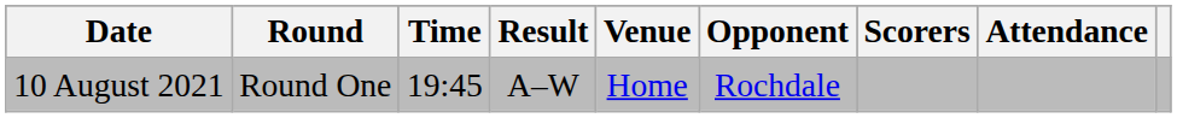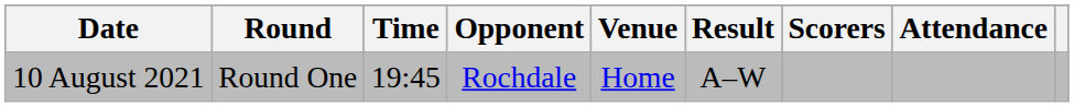 <table class="wikitable sortable" style="text-align:center">
 <tr>
 <th>Date</th>
 <th>Round</th>
 <th>Time</th>
+<th>Opponent</th>
+<th>Venue</th>
 <th>Result</th>
-<th>Venue</th>
-<th>Opponent</th>
 <th class="unsortable">Scorers</th>
 <th>Attendance</th>
 <th class="unsortable"></th>
 </tr>
 <tr bgcolor="#BBBBBB">
 <td>10 August 2021</td>
 <td>Round One</td>
 <td>19:45</td>
+<td><a href='#'>Rochdale</a></td>
+<td><a href='#'>Home</a></td>
 <td>A–W</td>
-<td><a href='#'>Home</a></td>
-<td><a href='#'>Rochdale</a></td>
 <td></td>
 <td></td>
 <td></td>
 </tr>
 </table>
